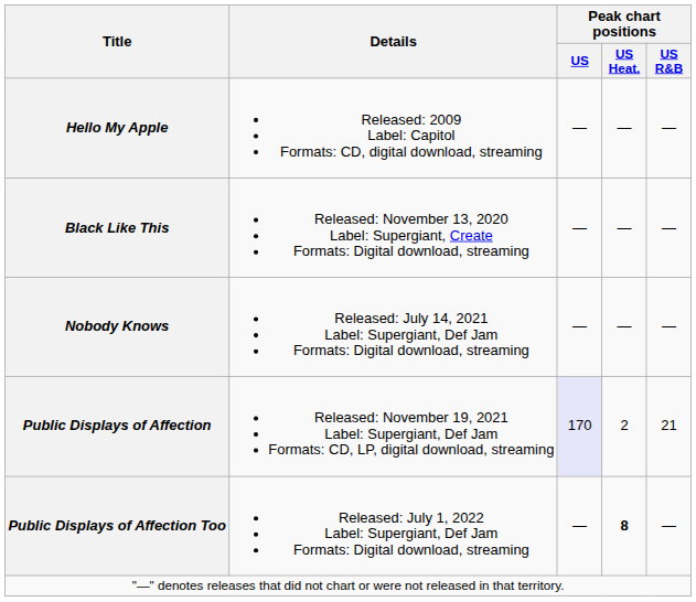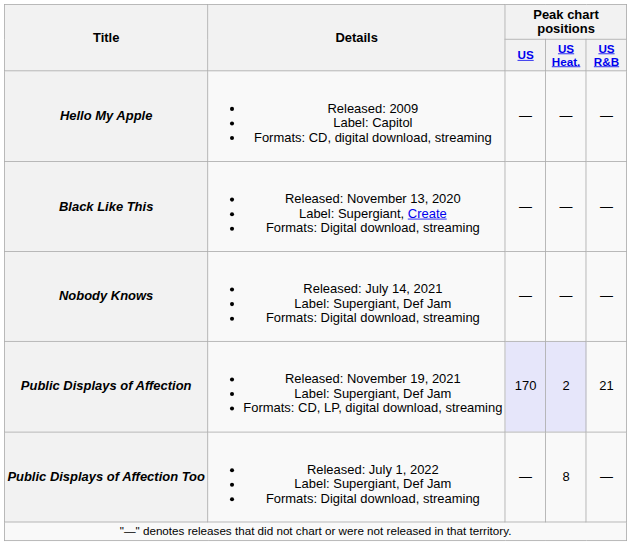 <table class="wikitable plainrowheaders" style="text-align:center">
 <tr>
 <th scope="col" rowspan="2">Title</th>
 <th scope="col" rowspan="2">Details</th>
 <th scope="col" colspan="3">Peak chart positions</th>
 </tr>
 <tr>
 <th scope="col" style="width:3em;font-size:90%;"><a href='#'>US</a><br></th>
 <th scope="col" style="width:3em;font-size:90%;"><a href='#'>US<br>Heat.</a><br></th>
 <th scope="col" style="width:3em;font-size:90%;"><a href='#'>US<br>R&B</a><br></th>
 </tr>
 <tr>
 <th scope="row"><em>Hello My Apple</em></th>
 <td><br><ul><li>Released: 2009</li><li>Label: Capitol</li><li>Formats: CD, digital download, streaming</li></ul></td>
 <td>—</td>
 <td>—</td>
 <td>—</td>
 </tr>
 <tr>
 <th scope="row"><em>Black Like This</em></th>
 <td><br><ul><li>Released: November 13, 2020</li><li>Label: Supergiant, <a href='#'>Create</a></li><li>Formats: Digital download, streaming</li></ul></td>
 <td>—</td>
 <td>—</td>
 <td>—</td>
 </tr>
 <tr>
 <th scope="row"><em>Nobody Knows</em></th>
 <td><br><ul><li>Released: July 14, 2021</li><li>Label: Supergiant, Def Jam</li><li>Formats: Digital download, streaming</li></ul></td>
 <td>—</td>
 <td>—</td>
 <td>—</td>
 </tr>
 <tr>
 <th scope="row"><em>Public Displays of Affection</em></th>
 <td><br><ul><li>Released: November 19, 2021</li><li>Label: Supergiant, Def Jam</li><li>Formats: CD, LP, digital download, streaming</li></ul></td>
 <td style="background: lavender;">170</td>
-<td>2</td>
+<td style="background: lavender;">2</td>
 <td>21</td>
 </tr>
 <tr>
 <th scope="row"><em>Public Displays of Affection Too</em></th>
 <td><br><ul><li>Released: July 1, 2022</li><li>Label: Supergiant, Def Jam</li><li>Formats: Digital download, streaming</li></ul></td>
 <td>—</td>
-<td><strong>8</strong></td>
+<td>8</td>
 <td>—</td>
 </tr>
 <tr>
 <td colspan="14" style="font-size:90%">"—" denotes releases that did not chart or were not released in that territory.</td>
 </tr>
 </table>
